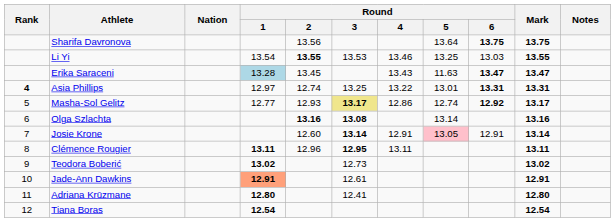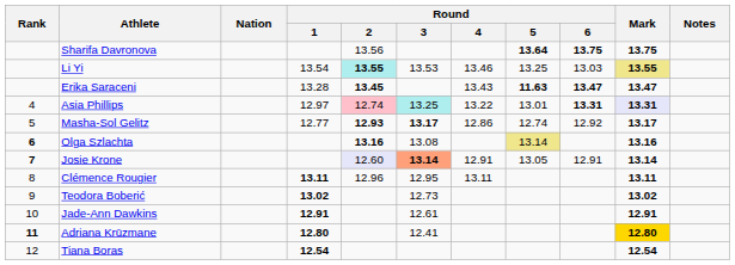 <table class="wikitable sortable" style="text-align:center;width: 80%;">
 <tr>
 <th rowspan=2>Rank</th>
 <th rowspan=2>Athlete</th>
 <th rowspan=2>Nation</th>
 <th colspan=6>Round</th>
 <th rowspan=2>Mark</th>
 <th rowspan=2>Notes</th>
 </tr>
 <tr>
 <th>1</th>
 <th>2</th>
 <th>3</th>
 <th>4</th>
 <th>5</th>
 <th>6</th>
 </tr>
 <tr>
 <td></td>
 <td align=left><a href='#'>Sharifa Davronova</a></td>
 <td align=left></td>
 <td></td>
 <td>13.56</td>
 <td></td>
 <td></td>
-<td>13.64</td>
+<td><strong>13.64</strong></td>
 <td><strong>13.75</strong></td>
 <td><strong>13.75</strong></td>
 <td></td>
 </tr>
 <tr>
 <td></td>
 <td align=left><a href='#'>Li Yi</a></td>
 <td align=left></td>
 <td>13.54</td>
-<td><strong>13.55</strong></td>
+<td style="background: paleturquoise;"><strong>13.55</strong></td>
 <td>13.53</td>
 <td>13.46</td>
 <td>13.25</td>
 <td>13.03</td>
-<td><strong>13.55</strong></td>
+<td style="background: khaki;"><strong>13.55</strong></td>
 <td></td>
 </tr>
 <tr>
 <td></td>
 <td align=left><a href='#'>Erika Saraceni</a></td>
 <td align=left></td>
-<td style="background: lightblue;">13.28</td>
-<td>13.45</td>
+<td>13.28</td>
+<td><strong>13.45</strong></td>
 <td></td>
 <td>13.43</td>
-<td>11.63</td>
+<td><strong>11.63</strong></td>
 <td><strong>13.47</strong></td>
 <td><strong>13.47</strong></td>
 <td></td>
 </tr>
 <tr>
-<td><strong>4</strong></td>
+<td>4</td>
 <td align=left><a href='#'>Asia Phillips</a></td>
 <td align=left></td>
 <td>12.97</td>
-<td>12.74</td>
-<td>13.25</td>
+<td style="background: pink;">12.74</td>
+<td style="background: paleturquoise;">13.25</td>
 <td>13.22</td>
 <td>13.01</td>
 <td><strong>13.31</strong></td>
-<td><strong>13.31</strong></td>
+<td style="background: lavender;"><strong>13.31</strong></td>
 <td></td>
 </tr>
 <tr>
 <td>5</td>
 <td align=left><a href='#'>Masha-Sol Gelitz</a></td>
 <td align=left></td>
 <td>12.77</td>
-<td>12.93</td>
-<td style="background: khaki;"><strong>13.17</strong></td>
+<td><strong>12.93</strong></td>
+<td><strong>13.17</strong></td>
 <td>12.86</td>
 <td>12.74</td>
-<td><strong>12.92</strong></td>
+<td>12.92</td>
 <td><strong>13.17</strong></td>
 <td></td>
 </tr>
 <tr>
-<td>6</td>
+<td><strong>6</strong></td>
 <td align=left><a href='#'>Olga Szlachta</a></td>
 <td align=left></td>
 <td></td>
 <td><strong>13.16</strong></td>
-<td><strong>13.08</strong></td>
+<td>13.08</td>
 <td></td>
-<td>13.14</td>
+<td style="background: khaki;">13.14</td>
 <td></td>
 <td><strong>13.16</strong></td>
 <td></td>
 </tr>
 <tr>
-<td>7</td>
+<td><strong>7</strong></td>
 <td align=left><a href='#'>Josie Krone</a></td>
 <td align=left></td>
 <td></td>
-<td>12.60</td>
-<td><strong>13.14</strong></td>
+<td style="background: lavender;">12.60</td>
+<td style="background: lightsalmon;"><strong>13.14</strong></td>
 <td>12.91</td>
-<td style="background: pink;">13.05</td>
+<td>13.05</td>
 <td>12.91</td>
 <td><strong>13.14</strong></td>
 <td></td>
 </tr>
 <tr>
 <td>8</td>
 <td align=left><a href='#'>Clémence Rougier</a></td>
 <td align=left></td>
 <td><strong>13.11</strong></td>
 <td>12.96</td>
-<td><strong>12.95</strong></td>
+<td>12.95</td>
 <td>13.11</td>
 <td></td>
 <td></td>
 <td><strong>13.11</strong></td>
 <td></td>
 </tr>
 <tr>
 <td>9</td>
 <td align=left><a href='#'>Teodora Boberić</a></td>
 <td align=left></td>
 <td><strong>13.02</strong></td>
 <td></td>
 <td>12.73</td>
 <td></td>
 <td></td>
 <td></td>
 <td><strong>13.02</strong></td>
 <td></td>
 </tr>
 <tr>
 <td>10</td>
 <td align=left><a href='#'>Jade-Ann Dawkins</a></td>
 <td align=left></td>
-<td style="background: lightsalmon;"><strong>12.91</strong></td>
+<td><strong>12.91</strong></td>
 <td></td>
 <td>12.61</td>
 <td></td>
 <td></td>
 <td></td>
 <td><strong>12.91</strong></td>
 <td></td>
 </tr>
 <tr>
-<td>11</td>
+<td><strong>11</strong></td>
 <td align=left><a href='#'>Adriana Krūzmane</a></td>
 <td align=left></td>
 <td><strong>12.80</strong></td>
 <td></td>
 <td>12.41</td>
 <td></td>
 <td></td>
 <td></td>
-<td><strong>12.80</strong></td>
+<td style="background: gold;"><strong>12.80</strong></td>
 <td></td>
 </tr>
 <tr>
 <td>12</td>
 <td align=left><a href='#'>Tiana Boras</a></td>
 <td align=left></td>
 <td><strong>12.54</strong></td>
 <td></td>
 <td></td>
 <td></td>
 <td></td>
 <td></td>
 <td><strong>12.54</strong></td>
 <td></td>
 </tr>
 </table>
